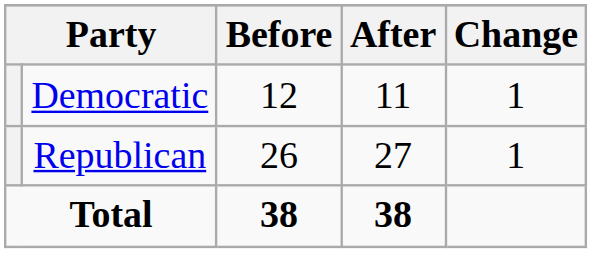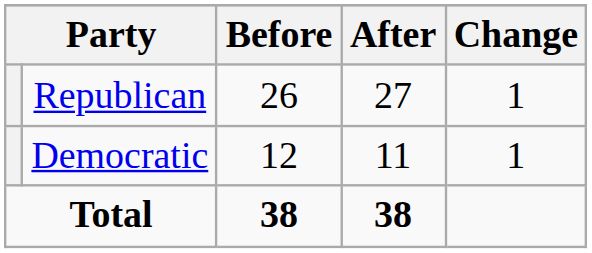 <table class="wikitable" style="text-align:center;">
 <tr>
 </tr>
 <tr>
 <th colspan=2>Party</th>
 <th>Before</th>
 <th>After</th>
 <th>Change</th>
 </tr>
 <tr>
 <th style="background-color:"></th>
-<td><a href='#'>Democratic</a></td>
-<td>12</td>
-<td>11</td>
+<td><a href='#'>Republican</a></td>
+<td>26</td>
+<td>27</td>
 <td> 1</td>
 </tr>
 <tr>
 <th style="background-color:"></th>
-<td><a href='#'>Republican</a></td>
-<td>26</td>
-<td>27</td>
+<td><a href='#'>Democratic</a></td>
+<td>12</td>
+<td>11</td>
 <td> 1</td>
 </tr>
 <tr>
 <td colspan=2><strong>Total</strong></td>
 <td><strong>38</strong></td>
 <td><strong>38</strong></td>
 <td></td>
 </tr>
 </table>
